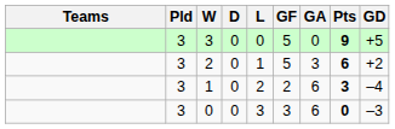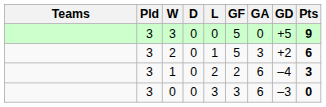 <table class="wikitable" style="text-align: center;">
 <tr>
 <th width=165>Teams</th>
 <th width=20>Pld</th>
 <th width=20>W</th>
 <th width=20>D</th>
 <th width=20>L</th>
 <th width=20>GF</th>
 <th width=20>GA</th>
+<th width=20>GD</th>
 <th width=20>Pts</th>
-<th width=20>GD</th>
 </tr>
 <tr align=center style="background:#ccffcc;">
 <td style="text-align:left;"></td>
 <td>3</td>
 <td>3</td>
 <td>0</td>
 <td>0</td>
 <td>5</td>
 <td>0</td>
+<td>+5</td>
 <td><strong>9</strong></td>
-<td>+5</td>
 </tr>
 <tr align=center>
 <td style="text-align:left;"></td>
 <td>3</td>
 <td>2</td>
 <td>0</td>
 <td>1</td>
 <td>5</td>
 <td>3</td>
+<td>+2</td>
 <td><strong>6</strong></td>
-<td>+2</td>
 </tr>
 <tr align=center>
 <td style="text-align:left;"></td>
 <td>3</td>
 <td>1</td>
 <td>0</td>
 <td>2</td>
 <td>2</td>
 <td>6</td>
+<td>–4</td>
 <td><strong>3</strong></td>
-<td>–4</td>
 </tr>
 <tr align=center>
 <td style="text-align:left;"></td>
 <td>3</td>
 <td>0</td>
 <td>0</td>
 <td>3</td>
 <td>3</td>
 <td>6</td>
+<td>–3</td>
 <td><strong>0</strong></td>
-<td>–3</td>
 </tr>
 </table>
